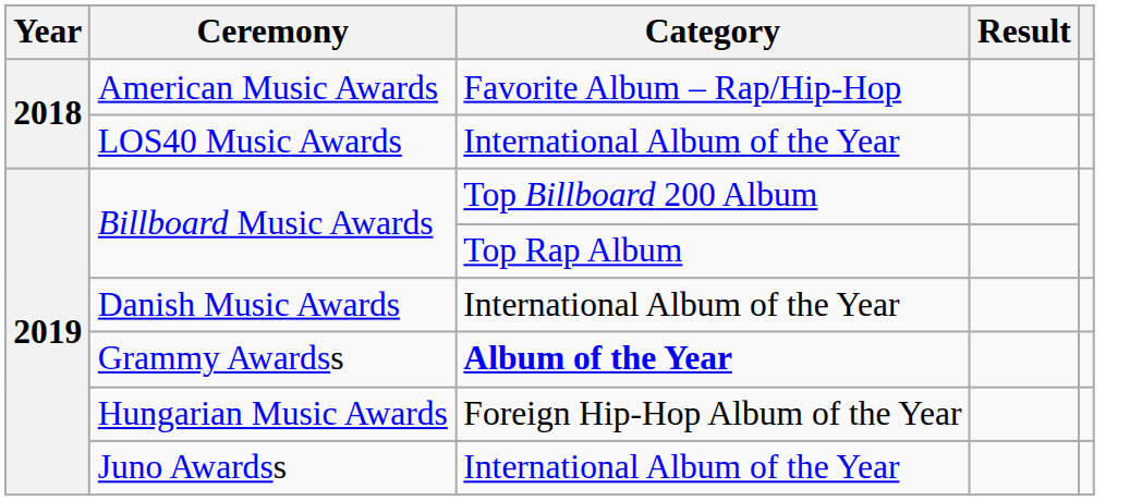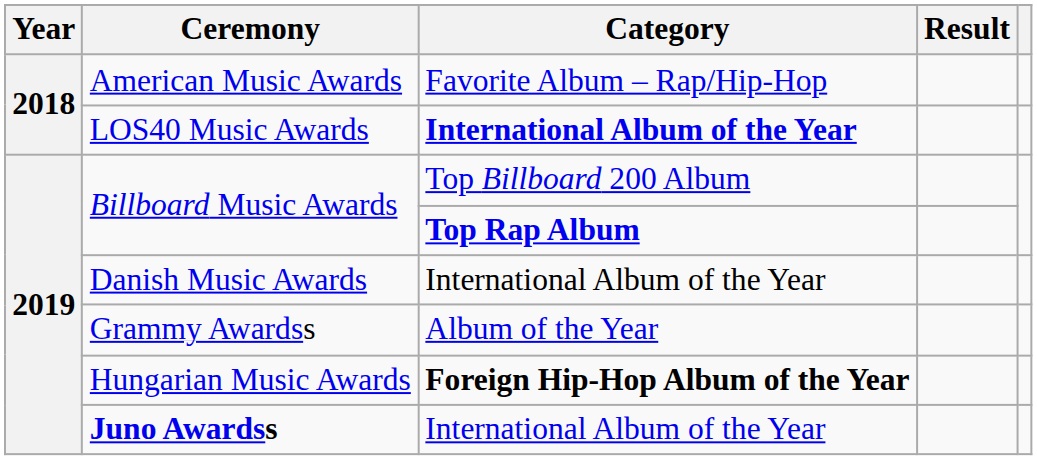 <table class="wikitable sortable plainrowheaders" style="border:none; margin:0;">
 <tr>
 <th scope="col">Year</th>
 <th scope="col">Ceremony</th>
 <th scope="col">Category</th>
 <th scope="col">Result</th>
 <th scope="col" class="unsortable"></th>
 </tr>
 <tr>
 <th scope="row" rowspan="2">2018</th>
 <td><a href='#'>American Music Awards</a></td>
 <td><a href='#'>Favorite Album – Rap/Hip-Hop</a></td>
 <td></td>
 <td style="text-align:center;"></td>
 </tr>
 <tr>
 <td><a href='#'>LOS40 Music Awards</a></td>
-<td><a href='#'>International Album of the Year</a></td>
+<td><strong><a href='#'>International Album of the Year</a></strong></td>
 <td></td>
 <td style="text-align:center;"></td>
 </tr>
 <tr>
 <th scope="row" rowspan="6">2019</th>
 <td rowspan="2"><a href='#'><em>Billboard</em> Music Awards</a></td>
 <td><a href='#'>Top <em>Billboard</em> 200 Album</a></td>
 <td></td>
 <td rowspan="2" style="text-align:center;"></td>
 </tr>
 <tr>
-<td><a href='#'>Top Rap Album</a></td>
+<td><strong><a href='#'>Top Rap Album</a></strong></td>
 <td></td>
 </tr>
 <tr>
 <td><a href='#'>Danish Music Awards</a></td>
 <td>International Album of the Year</td>
 <td></td>
 <td style="text-align:center;"></td>
 </tr>
 <tr>
 <td><a href='#'>Grammy Awards</a>s</td>
-<td><strong><a href='#'>Album of the Year</a></strong></td>
+<td><a href='#'>Album of the Year</a></td>
 <td></td>
 <td style="text-align:center;"></td>
 </tr>
 <tr>
 <td><a href='#'>Hungarian Music Awards</a></td>
-<td>Foreign Hip-Hop Album of the Year</td>
+<td><strong>Foreign Hip-Hop Album of the Year</strong></td>
 <td></td>
 <td style="text-align:center;"></td>
 </tr>
 <tr>
-<td><a href='#'>Juno Awards</a>s</td>
+<td><strong><a href='#'>Juno Awards</a>s</strong></td>
 <td><a href='#'>International Album of the Year</a></td>
 <td></td>
 <td style="text-align:center;"></td>
 </tr>
 </table>
